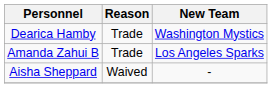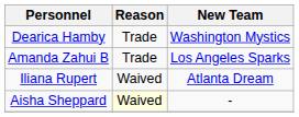 <table class="wikitable" style="text-align: center">
 <tr align="center"  bgcolor="#dddddd">
 <th><strong>Personnel</strong></th>
 <th><strong>Reason</strong></th>
 <th><strong>New Team</strong></th>
 </tr>
 <tr>
 <td><a href='#'>Dearica Hamby</a></td>
 <td>Trade</td>
 <td><a href='#'>Washington Mystics</a></td>
 </tr>
 <tr>
 <td><a href='#'>Amanda Zahui B</a></td>
 <td>Trade</td>
 <td><a href='#'>Los Angeles Sparks</a></td>
 </tr>
 <tr>
+<td><a href='#'>Iliana Rupert</a></td>
+<td>Waived</td>
+<td><a href='#'>Atlanta Dream</a></td>
+</tr>
+<tr>
 <td><a href='#'>Aisha Sheppard</a></td>
-<td>Waived</td>
+<td style="background: lightyellow;">Waived</td>
 <td>-</td>
 </tr>
 <tr>
 </tr>
 </table>
